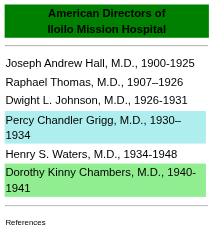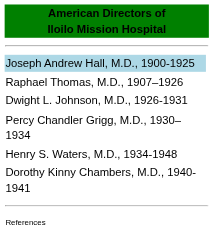 <table class="toccolours" style="float:right; margin-left:1em; font-size:95%; line-height:1.4em; width:280px;">
 <tr>
 <th colspan="2" style="text-align:center; background:green;"><span><strong>American Directors of<br> Iloilo Mission Hospital</strong></span></th>
 </tr>
 <tr>
 <td colspan="2"><hr></td>
 </tr>
 <tr>
-<td>Joseph Andrew Hall, M.D., 1900-1925</td>
+<td style="background: lightblue;">Joseph Andrew Hall, M.D., 1900-1925</td>
 </tr>
 <tr>
 <td>Raphael Thomas, M.D., 1907–1926</td>
 </tr>
 <tr>
 <td>Dwight L. Johnson, M.D., 1926-1931</td>
 </tr>
 <tr>
-<td style="background: paleturquoise;">Percy Chandler Grigg, M.D., 1930–1934</td>
+<td>Percy Chandler Grigg, M.D., 1930–1934</td>
 </tr>
 <tr>
 <td>Henry S. Waters, M.D., 1934-1948</td>
 </tr>
 <tr>
-<td style="background: lightgreen;">Dorothy Kinny Chambers, M.D., 1940-1941</td>
+<td>Dorothy Kinny Chambers, M.D., 1940-1941</td>
 </tr>
 <tr>
 <td colspan="2"><hr></td>
 </tr>
 <tr>
 <td style="font-size:70%">References</td>
 <td></td>
 </tr>
 </table>
